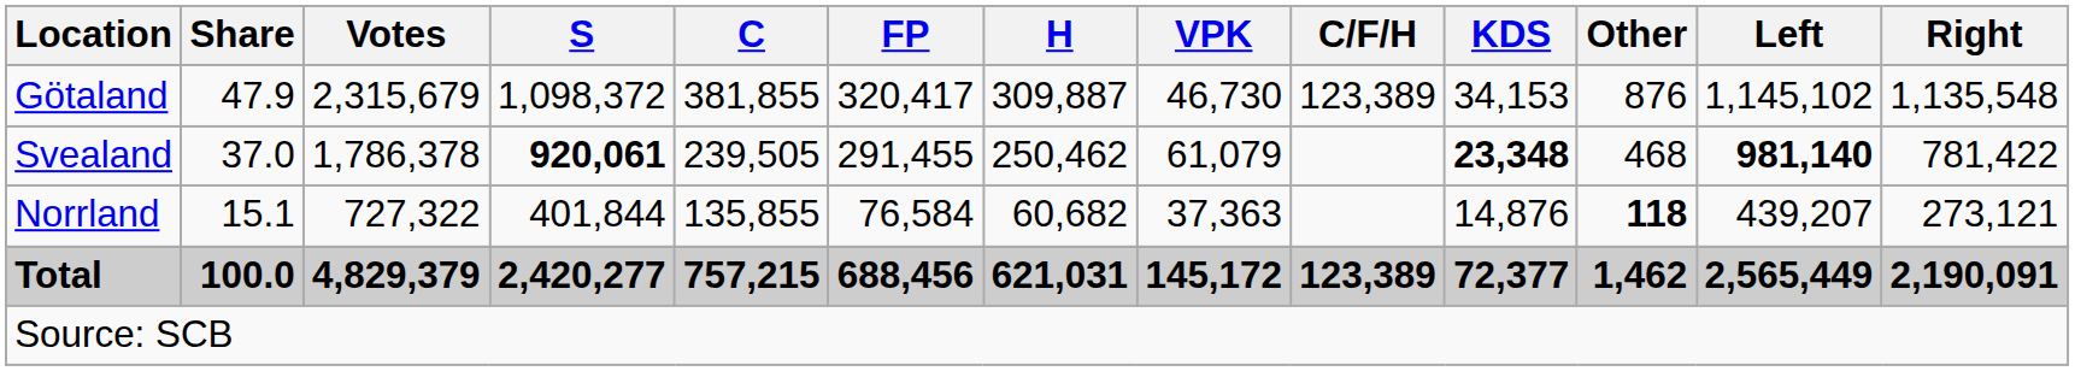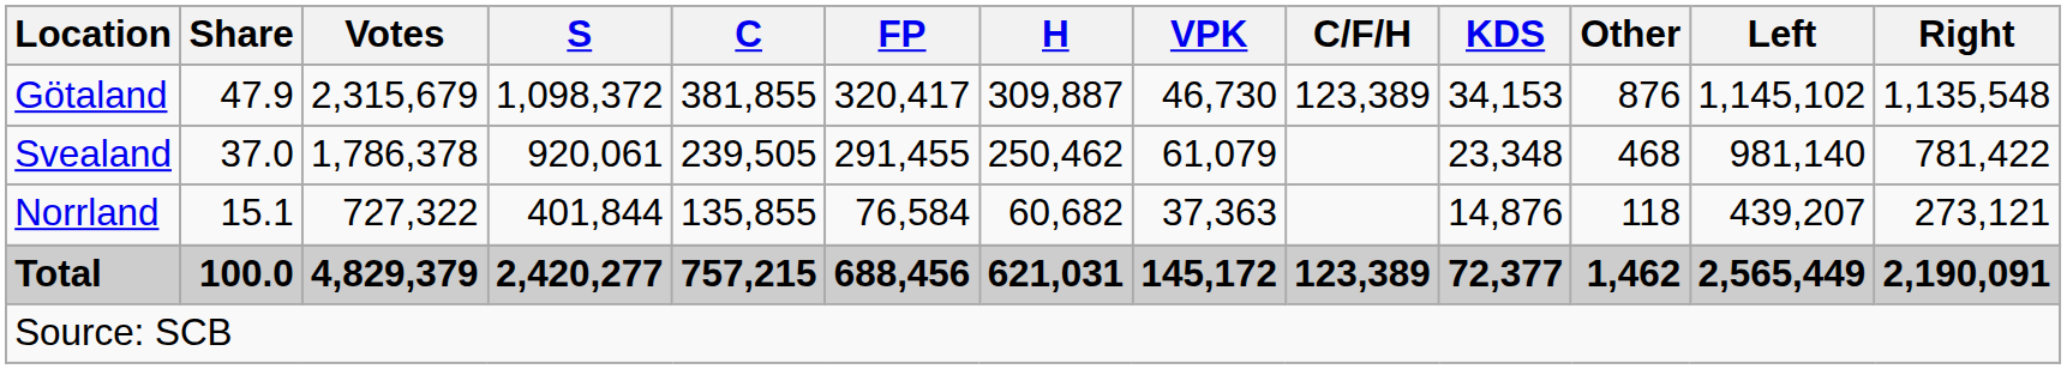 <table class="wikitable sortable" style=text-align:right>
 <tr>
 <th>Location</th>
 <th>Share</th>
 <th>Votes</th>
 <th><a href='#'>S</a></th>
 <th><a href='#'>C</a></th>
 <th><a href='#'>FP</a></th>
 <th><a href='#'>H</a></th>
 <th><a href='#'>VPK</a></th>
 <th>C/F/H</th>
 <th><a href='#'>KDS</a></th>
 <th>Other</th>
 <th>Left</th>
 <th>Right</th>
 </tr>
 <tr>
 <td align=left><a href='#'>Götaland</a></td>
 <td>47.9</td>
 <td>2,315,679</td>
 <td>1,098,372</td>
 <td>381,855</td>
 <td>320,417</td>
 <td>309,887</td>
 <td>46,730</td>
 <td>123,389</td>
 <td>34,153</td>
 <td>876</td>
 <td>1,145,102</td>
 <td>1,135,548</td>
 </tr>
 <tr>
 <td align=left><a href='#'>Svealand</a></td>
 <td>37.0</td>
 <td>1,786,378</td>
-<td><strong>920,061</strong></td>
+<td>920,061</td>
 <td>239,505</td>
 <td>291,455</td>
 <td>250,462</td>
 <td>61,079</td>
 <td></td>
-<td><strong>23,348</strong></td>
+<td>23,348</td>
 <td>468</td>
-<td><strong>981,140</strong></td>
+<td>981,140</td>
 <td>781,422</td>
 </tr>
 <tr>
 <td align=left><a href='#'>Norrland</a></td>
 <td>15.1</td>
 <td>727,322</td>
 <td>401,844</td>
 <td>135,855</td>
 <td>76,584</td>
 <td>60,682</td>
 <td>37,363</td>
 <td></td>
 <td>14,876</td>
-<td><strong>118</strong></td>
+<td>118</td>
 <td>439,207</td>
 <td>273,121</td>
 </tr>
 <tr>
 </tr>
 <tr style="background:#CDCDCD;">
 <td align=left><strong>Total</strong></td>
 <td><strong>100.0</strong></td>
 <td><strong>4,829,379</strong></td>
 <td><strong>2,420,277</strong></td>
 <td><strong>757,215</strong></td>
 <td><strong>688,456</strong></td>
 <td><strong>621,031</strong></td>
 <td><strong>145,172</strong></td>
 <td><strong>123,389</strong></td>
 <td><strong>72,377</strong></td>
 <td><strong>1,462</strong></td>
 <td><strong>2,565,449</strong></td>
 <td><strong>2,190,091</strong></td>
 </tr>
 <tr>
 <td align=left colspan=13>Source: SCB </td>
 </tr>
 </table>
